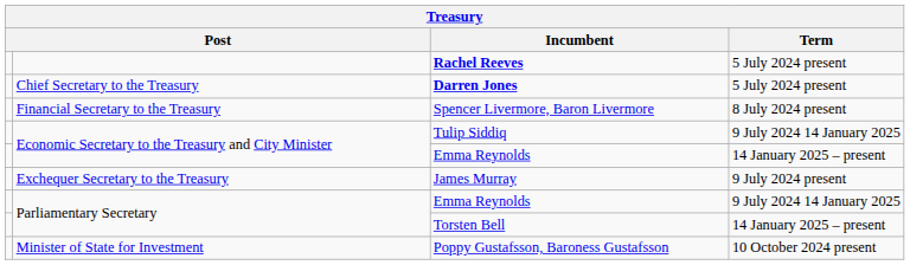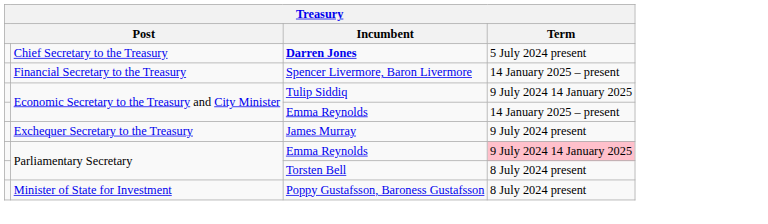 <table class="wikitable">
 <tr>
 <th colspan="4"><a href='#'>Treasury</a></th>
 </tr>
 <tr>
 <th colspan="2">Post</th>
 <th>Incumbent</th>
 <th>Term</th>
 </tr>
 <tr>
 <td style="width: 1px; background: "></td>
-<td style="width: 450px;"></td>
-<td style="width: 320px;"><strong><a href='#'>Rachel Reeves</a></strong></td>
-<td>5 July 2024 present</td>
-</tr>
-<tr>
-<td style="width: 1px; background: "></td>
 <td><a href='#'>Chief Secretary to the Treasury</a></td>
 <td><strong><a href='#'>Darren Jones</a></strong></td>
 <td>5 July 2024 present</td>
 </tr>
 <tr>
 <td rowspan="1" style="width: 1px; background: "></td>
 <td rowspan="1"><a href='#'>Financial Secretary to the Treasury</a></td>
 <td><a href='#'>Spencer Livermore, Baron Livermore</a></td>
-<td>8 July 2024 present</td>
+<td>14 January 2025  – present</td>
 </tr>
 <tr>
 <td rowspan="1" style="width: 1px; background: "></td>
 <td rowspan="2"><a href='#'>Economic Secretary to the Treasury</a> and <a href='#'>City Minister</a></td>
 <td><a href='#'>Tulip Siddiq</a></td>
 <td>9 July 2024 14 January 2025</td>
 </tr>
 <tr>
 <td style="width: 1px; background: "></td>
 <td><a href='#'>Emma Reynolds</a></td>
 <td>14 January 2025 – present</td>
 </tr>
 <tr>
 <td rowspan="1" style="width: 1px; background: "></td>
 <td rowspan="1"><a href='#'>Exchequer Secretary to the Treasury</a></td>
 <td><a href='#'>James Murray</a></td>
 <td>9 July 2024 present</td>
 </tr>
 <tr>
 <td rowspan="1" style="width: 1px; background: "></td>
 <td rowspan="2">Parliamentary Secretary</td>
 <td><a href='#'>Emma Reynolds</a></td>
-<td>9 July 2024 14 January 2025</td>
+<td style="background: pink;">9 July 2024 14 January 2025</td>
 </tr>
 <tr>
 <td style="width: 1px; background: "></td>
 <td><a href='#'>Torsten Bell</a></td>
-<td>14 January 2025  – present</td>
+<td>8 July 2024 present</td>
 </tr>
 <tr>
 <td style="width: 1px; background: "></td>
 <td><a href='#'>Minister of State for Investment</a></td>
 <td><a href='#'>Poppy Gustafsson, Baroness Gustafsson</a> </td>
-<td>10 October 2024 present</td>
+<td>8 July 2024 present</td>
 </tr>
 </table>
